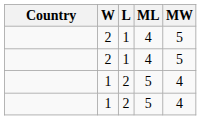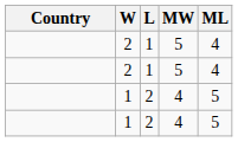 <table class="wikitable sortable" style="text-align:center">
 <tr>
 <th width=100>Country</th>
 <th>W</th>
 <th>L</th>
+<th>MW</th>
 <th>ML</th>
-<th>MW</th>
 </tr>
 <tr>
 <td align=left><strong></strong></td>
 <td>2</td>
 <td>1</td>
+<td>5</td>
 <td>4</td>
-<td>5</td>
 </tr>
 <tr>
 <td align=left></td>
 <td>2</td>
 <td>1</td>
+<td>5</td>
+<td>4</td>
+</tr>
+<tr>
+<td align=left></td>
+<td>1</td>
+<td>2</td>
 <td>4</td>
 <td>5</td>
 </tr>
 <tr>
 <td align=left></td>
 <td>1</td>
 <td>2</td>
+<td>4</td>
 <td>5</td>
-<td>4</td>
-</tr>
-<tr>
-<td align=left></td>
-<td>1</td>
-<td>2</td>
-<td>5</td>
-<td>4</td>
 </tr>
 </table>
